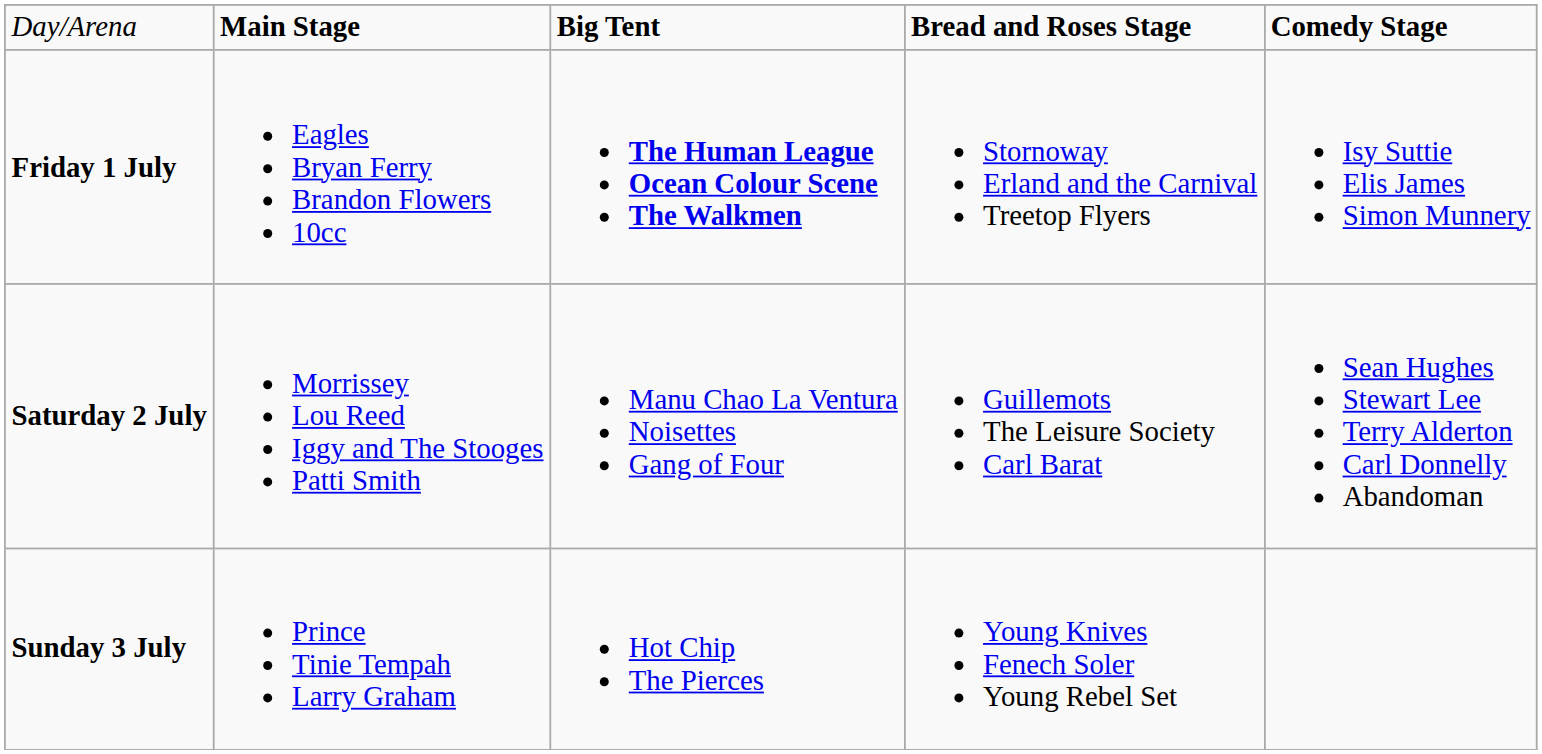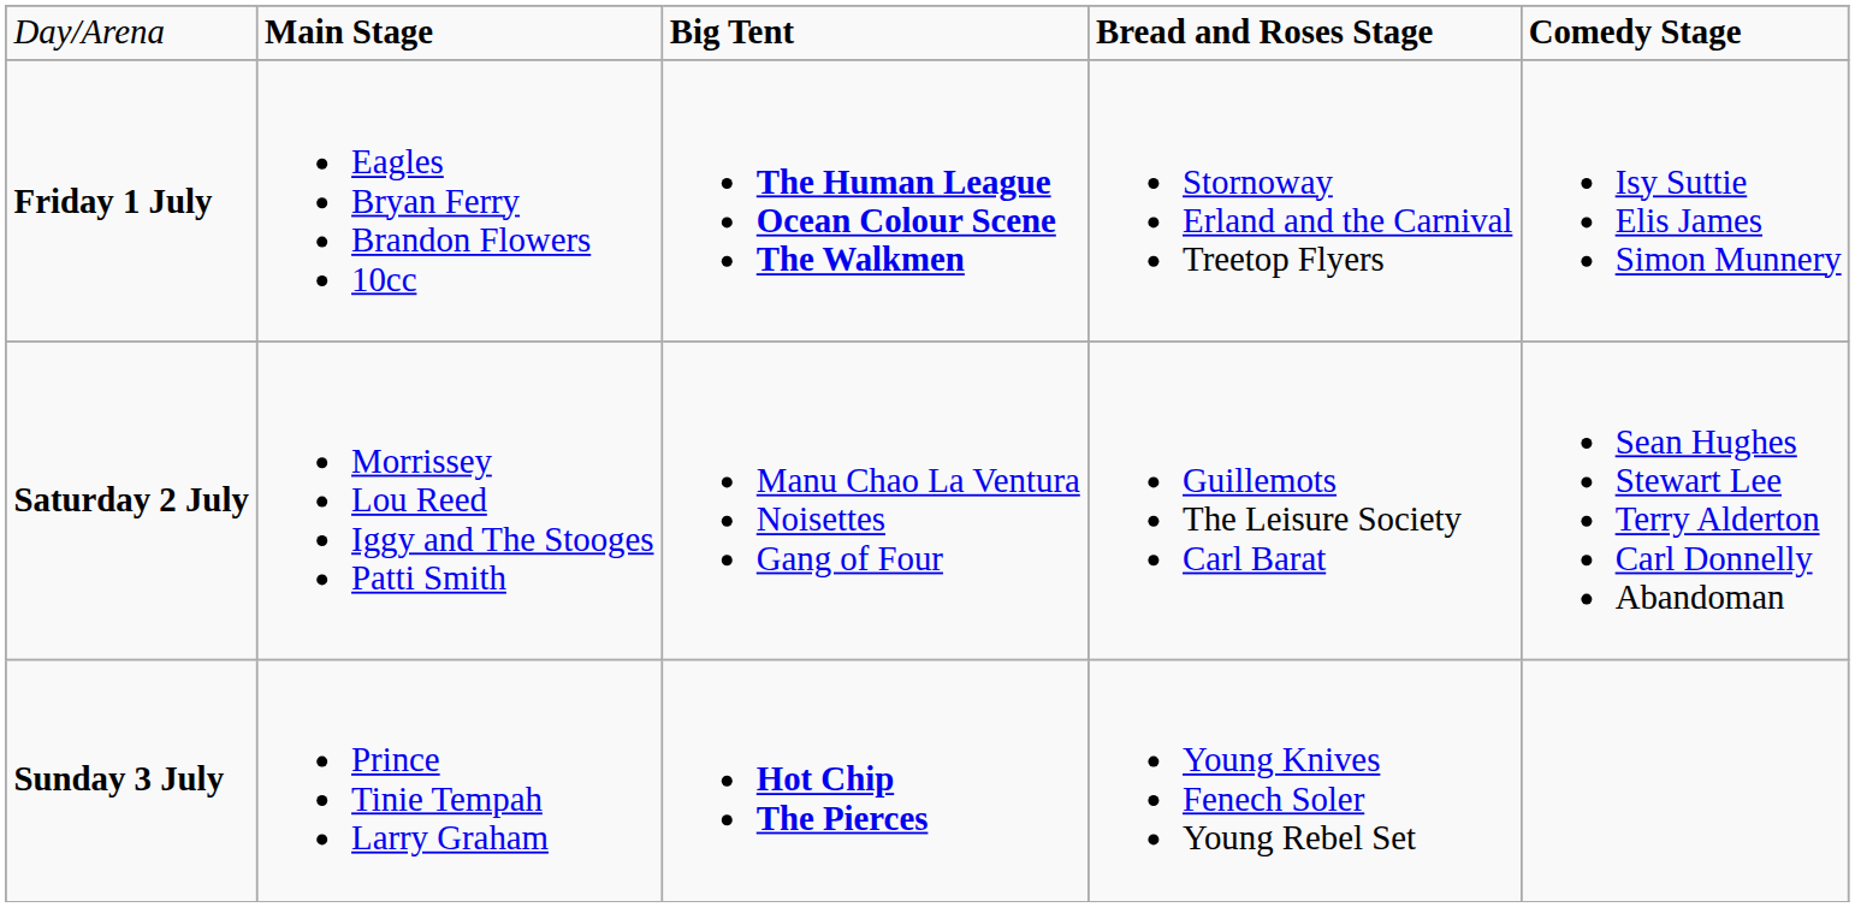 <table class="wikitable" border="1">
 <tr>
 <td><em>Day/Arena</em></td>
 <td><strong>Main Stage</strong></td>
 <td><strong>Big Tent</strong></td>
 <td><strong>Bread and Roses Stage</strong></td>
 <td><strong>Comedy Stage</strong></td>
 </tr>
 <tr>
 <td><strong>Friday 1 July</strong></td>
 <td><br><ul><li><a href='#'>Eagles</a></li><li><a href='#'>Bryan Ferry</a></li><li><a href='#'>Brandon Flowers</a></li><li><a href='#'>10cc</a></li></ul></td>
 <td><strong><br><ul><li><a href='#'>The Human League</a></li><li><a href='#'>Ocean Colour Scene</a></li><li><a href='#'>The Walkmen</a></li></ul></strong></td>
 <td><br><ul><li><a href='#'>Stornoway</a></li><li><a href='#'>Erland and the Carnival</a></li><li>Treetop Flyers</li></ul></td>
 <td><br><ul><li><a href='#'>Isy Suttie</a></li><li><a href='#'>Elis James</a></li><li><a href='#'>Simon Munnery</a></li></ul></td>
 </tr>
 <tr>
 <td><strong>Saturday 2 July</strong></td>
 <td><br><ul><li><a href='#'>Morrissey</a></li><li><a href='#'>Lou Reed</a></li><li><a href='#'>Iggy and The Stooges</a></li><li><a href='#'>Patti Smith</a></li></ul></td>
 <td><br><ul><li><a href='#'>Manu Chao La Ventura</a></li><li><a href='#'>Noisettes</a></li><li><a href='#'>Gang of Four</a></li></ul></td>
 <td><br><ul><li><a href='#'>Guillemots</a></li><li>The Leisure Society</li><li><a href='#'>Carl Barat</a></li></ul></td>
 <td><br><ul><li><a href='#'>Sean Hughes</a></li><li><a href='#'>Stewart Lee</a></li><li><a href='#'>Terry Alderton</a></li><li><a href='#'>Carl Donnelly</a></li><li>Abandoman</li></ul></td>
 </tr>
 <tr>
 <td><strong>Sunday 3 July</strong></td>
 <td><br><ul><li><a href='#'>Prince</a></li><li><a href='#'>Tinie Tempah</a></li><li><a href='#'>Larry Graham</a></li></ul></td>
-<td><br><ul><li><a href='#'>Hot Chip</a></li><li><a href='#'>The Pierces</a></li></ul></td>
+<td><strong><br><ul><li><a href='#'>Hot Chip</a></li><li><a href='#'>The Pierces</a></li></ul></strong></td>
 <td><br><ul><li><a href='#'>Young Knives</a></li><li><a href='#'>Fenech Soler</a></li><li>Young Rebel Set</li></ul></td>
 <td></td>
 </tr>
 <tr>
 </tr>
 </table>
